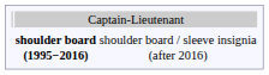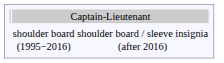 <table style="border:1px solid #8888aa; text-align:center; background-color:#f7f8ff; padding:5px; font-size:95%; margin: 0px 12px 12px 0px;">
 <tr bgcolor="#CCCCCC">
 <td></td>
 <td colspan=3>Captain-Lieutenant</td>
 </tr>
 <tr>
 <td></td>
 <td></td>
 <td></td>
 <td></td>
 </tr>
 <tr>
 <td></td>
-<td><strong>shoulder board<br>(1995−2016)</strong></td>
+<td>shoulder board<br>(1995−2016)</td>
 <td colspan=2>shoulder board / sleeve insignia <br>(after 2016)</td>
 </tr>
 </table>
